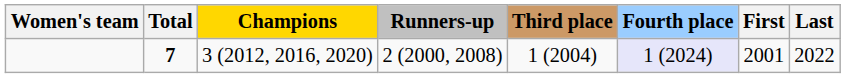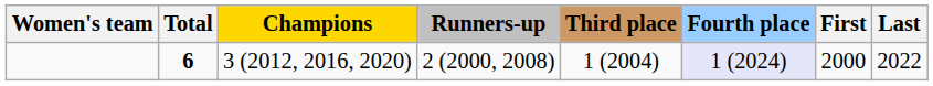 <table class="wikitable" style="text-align: center; font-size: 90%; margin-left: 1em;">
 <tr>
 <th>Women's team</th>
 <th>Total</th>
 <th style="background-color: gold;">Champions</th>
 <th style="background-color: silver;">Runners-up</th>
 <th style="background-color: #cc9966;">Third place</th>
 <th style="background-color: #9acdff;">Fourth place</th>
 <th>First</th>
 <th>Last</th>
 </tr>
 <tr>
 <td style="text-align: left;"></td>
-<td><strong>7</strong></td>
+<td><strong>6</strong></td>
 <td>3 (2012, 2016, 2020)</td>
 <td>2 (2000, 2008)</td>
 <td>1 (2004)</td>
 <td style="background: lavender;">1 (2024)</td>
-<td>2001</td>
+<td>2000</td>
 <td>2022</td>
 </tr>
 </table>
